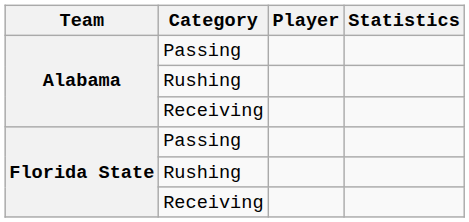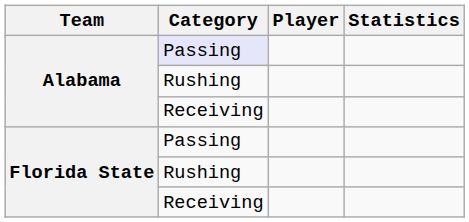 <table class="wikitable" style="float:right">
 <tr>
 <th>Team</th>
 <th>Category</th>
 <th>Player</th>
 <th>Statistics</th>
 </tr>
 <tr>
 <th rowspan=3>Alabama</th>
-<td>Passing</td>
+<td style="background: lavender;">Passing</td>
 <td></td>
 <td></td>
 </tr>
 <tr>
 <td>Rushing</td>
 <td></td>
 <td></td>
 </tr>
 <tr>
 <td>Receiving</td>
 <td></td>
 <td></td>
 </tr>
 <tr>
 <th rowspan=3>Florida State</th>
 <td>Passing</td>
 <td></td>
 <td></td>
 </tr>
 <tr>
 <td>Rushing</td>
 <td></td>
 <td></td>
 </tr>
 <tr>
 <td>Receiving</td>
 <td></td>
 <td></td>
 </tr>
 </table>
